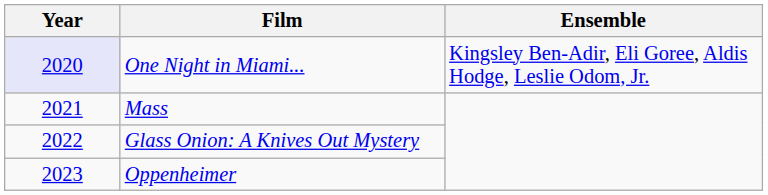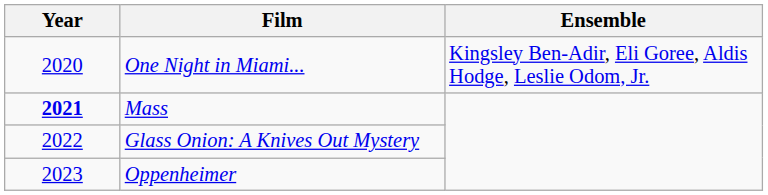 <table class="wikitable" width="95%" cellpadding="5">
 <tr>
 <th width="100"><strong>Year</strong></th>
 <th width="300"><strong>Film</strong></th>
 <th width="300"><strong>Ensemble</strong></th>
 </tr>
 <tr>
-<td style="background: lavender; text-align:center;"><a href='#'>2020</a></td>
+<td style="text-align:center;"><a href='#'>2020</a></td>
 <td><em><a href='#'>One Night in Miami...</a></em></td>
 <td><a href='#'>Kingsley Ben-Adir</a>, <a href='#'>Eli Goree</a>, <a href='#'>Aldis Hodge</a>, <a href='#'>Leslie Odom, Jr.</a></td>
 </tr>
 <tr>
-<td style="text-align:center;"><a href='#'>2021</a></td>
+<td style="text-align:center;"><strong><a href='#'>2021</a></strong></td>
 <td><em><a href='#'>Mass</a></em></td>
 </tr>
 <tr>
 <td style="text-align:center;"><a href='#'>2022</a></td>
 <td><em><a href='#'>Glass Onion: A Knives Out Mystery</a></em></td>
 </tr>
 <tr>
 <td style="text-align:center;"><a href='#'>2023</a></td>
 <td><em><a href='#'>Oppenheimer</a></em></td>
 </tr>
 </table>
